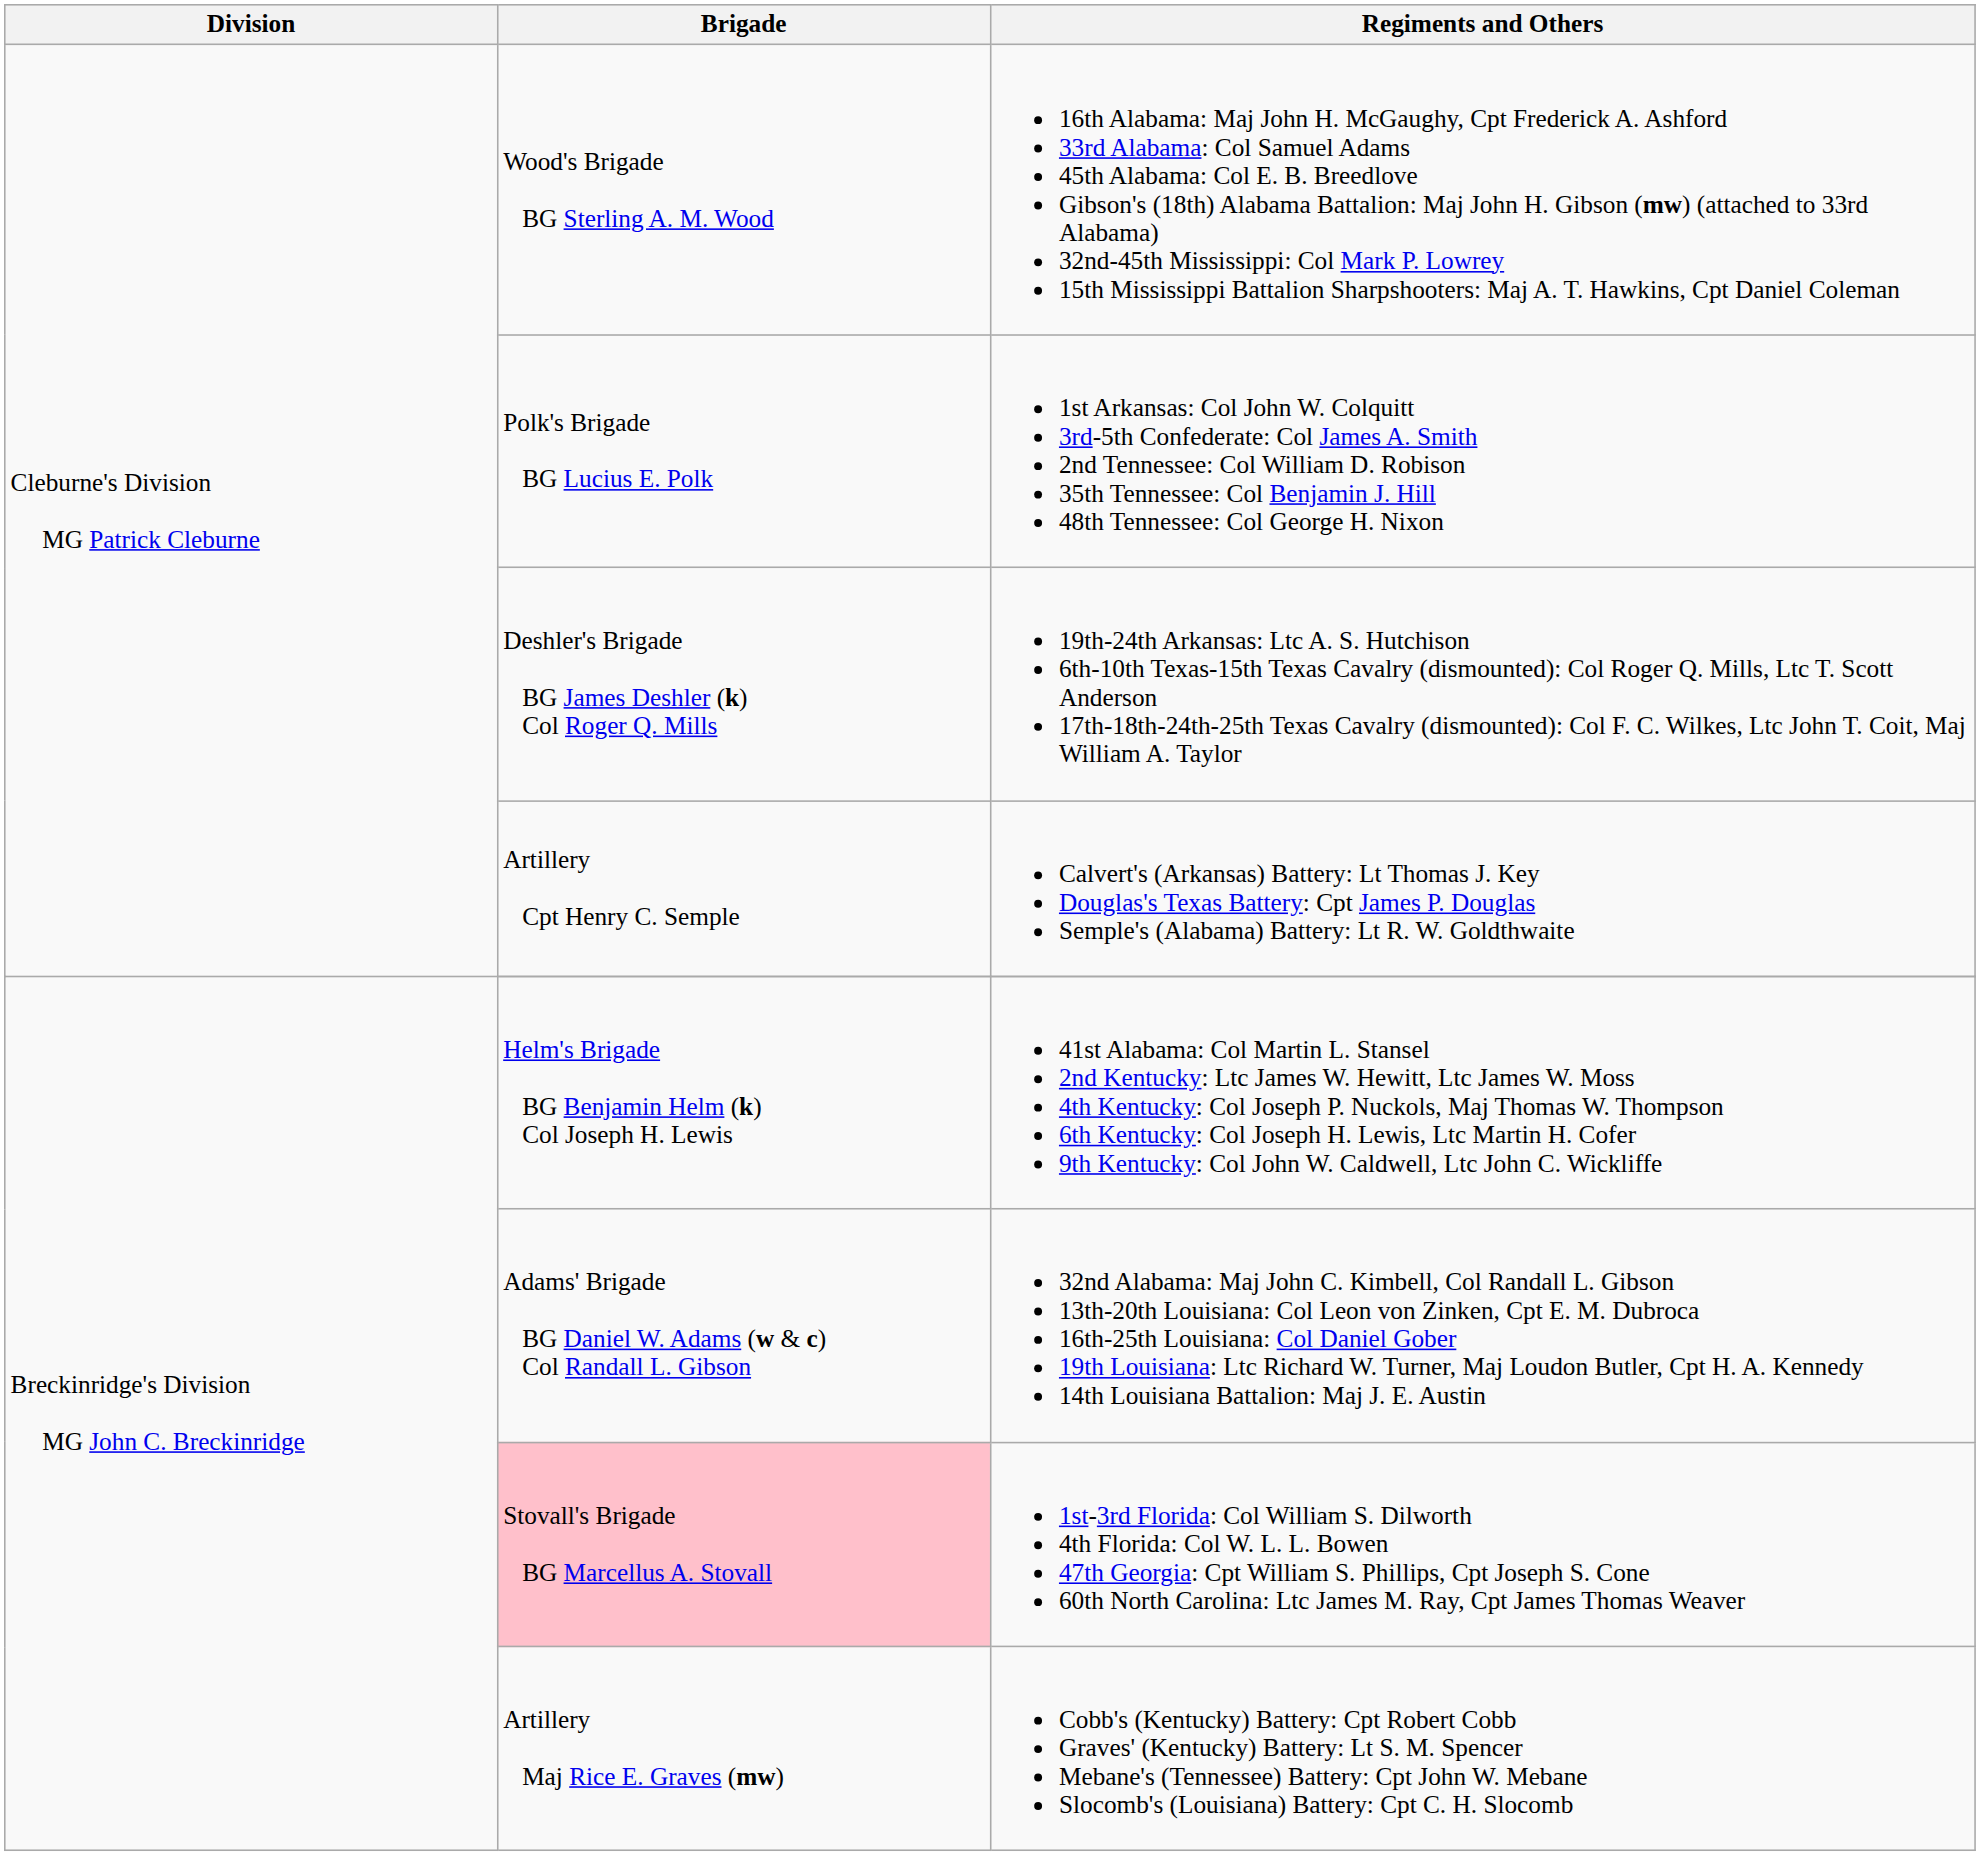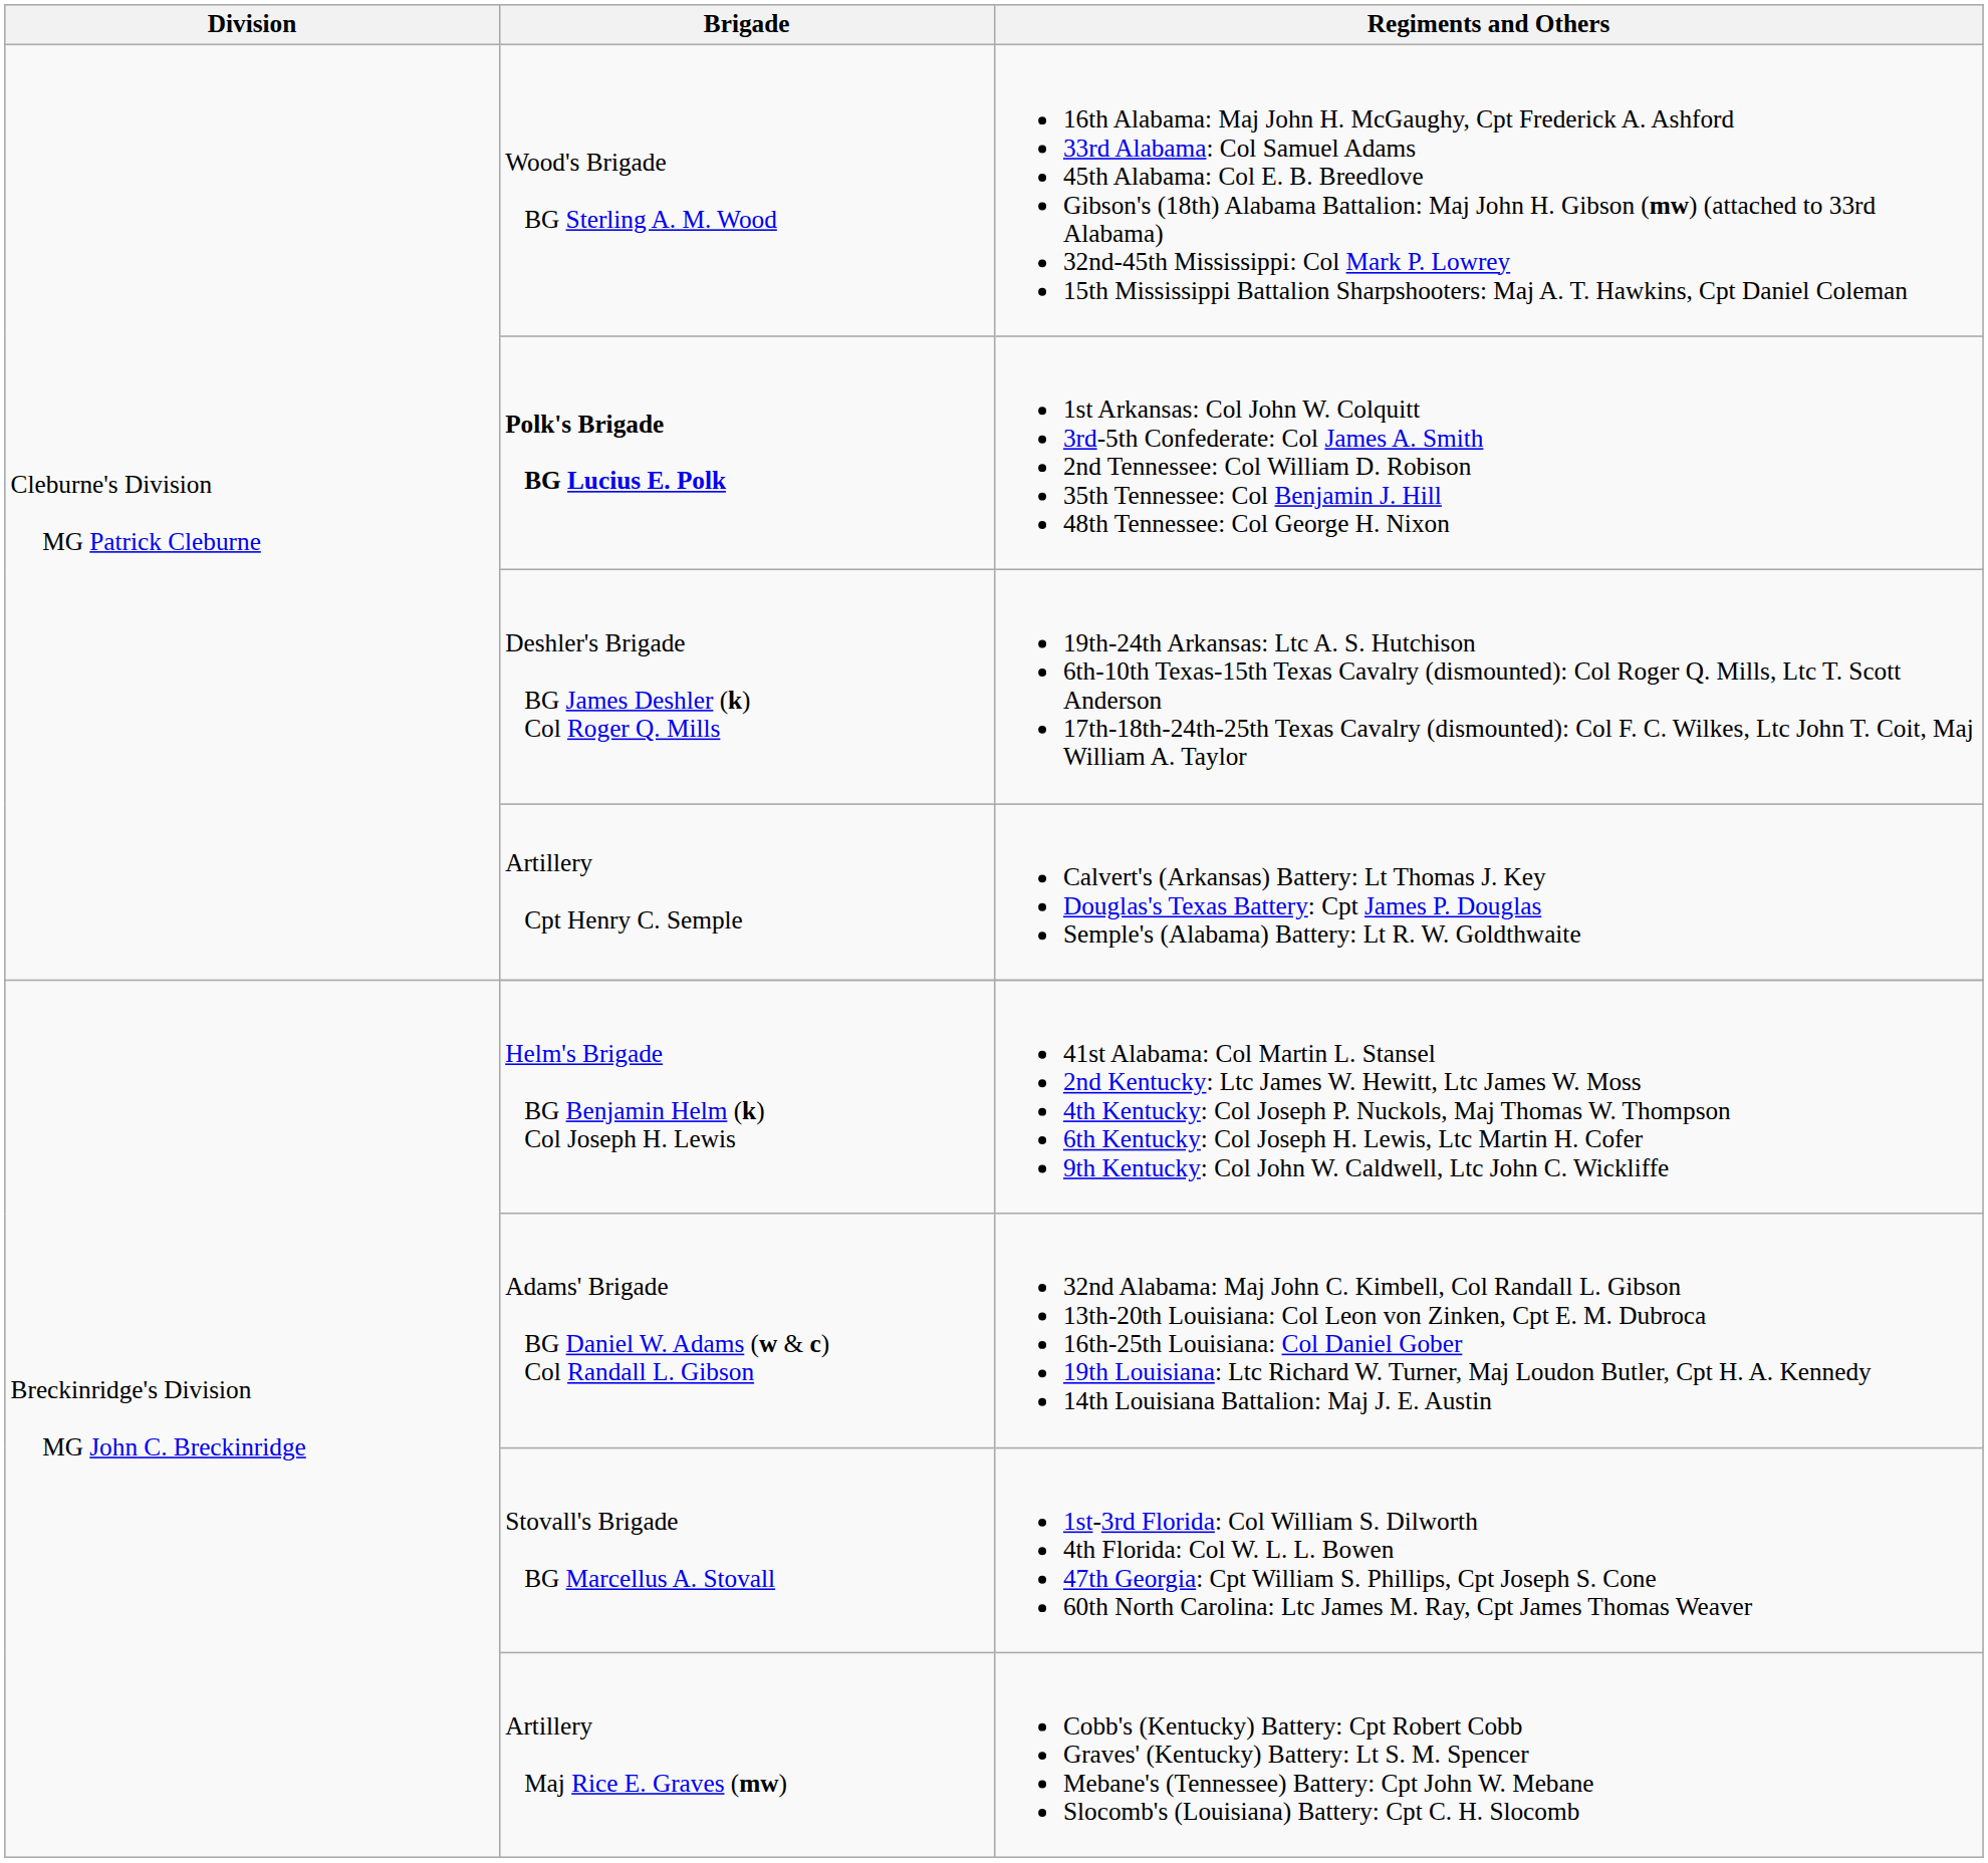 <table class="wikitable">
 <tr>
 <th width=25%>Division</th>
 <th width=25%>Brigade</th>
 <th>Regiments and Others</th>
 </tr>
 <tr>
 <td rowspan=4><br>Cleburne's Division<br><br>     MG <a href='#'>Patrick Cleburne</a> <br>  </td>
 <td>Wood's Brigade<br><br>   BG <a href='#'>Sterling A. M. Wood</a></td>
 <td><br><ul><li>16th Alabama: Maj John H. McGaughy, Cpt Frederick A. Ashford</li><li><a href='#'>33rd Alabama</a>: Col Samuel Adams</li><li>45th Alabama: Col E. B. Breedlove</li><li>Gibson's (18th) Alabama Battalion: Maj John H. Gibson (<strong>mw</strong>) (attached to 33rd Alabama)</li><li>32nd-45th Mississippi: Col <a href='#'>Mark P. Lowrey</a></li><li>15th Mississippi Battalion Sharpshooters: Maj A. T. Hawkins, Cpt Daniel Coleman</li></ul></td>
 </tr>
 <tr>
-<td>Polk's Brigade<br><br>   BG <a href='#'>Lucius E. Polk</a></td>
+<td><strong>Polk's Brigade<br><br>   BG <a href='#'>Lucius E. Polk</a></strong></td>
 <td><br><ul><li>1st Arkansas: Col John W. Colquitt</li><li><a href='#'>3rd</a>-5th Confederate: Col <a href='#'>James A. Smith</a></li><li>2nd Tennessee: Col William D. Robison</li><li>35th Tennessee: Col <a href='#'>Benjamin J. Hill</a></li><li>48th Tennessee: Col George H. Nixon</li></ul></td>
 </tr>
 <tr>
 <td>Deshler's Brigade<br><br>   BG <a href='#'>James Deshler</a> (<strong>k</strong>) <br>   Col <a href='#'>Roger Q. Mills</a></td>
 <td><br><ul><li>19th-24th Arkansas: Ltc A. S. Hutchison</li><li>6th-10th Texas-15th Texas Cavalry (dismounted): Col Roger Q. Mills, Ltc T. Scott Anderson</li><li>17th-18th-24th-25th Texas Cavalry (dismounted): Col F. C. Wilkes, Ltc John T. Coit, Maj William A. Taylor</li></ul></td>
 </tr>
 <tr>
 <td>Artillery<br><br>   Cpt Henry C. Semple</td>
 <td><br><ul><li>Calvert's (Arkansas) Battery: Lt Thomas J. Key</li><li><a href='#'>Douglas's Texas Battery</a>: Cpt <a href='#'>James P. Douglas</a></li><li>Semple's (Alabama) Battery: Lt R. W. Goldthwaite</li></ul></td>
 </tr>
 <tr>
 <td rowspan=5><br>Breckinridge's Division<br><br>     MG <a href='#'>John C. Breckinridge</a> <br>  </td>
 </tr>
 <tr>
 <td><a href='#'>Helm's Brigade</a><br><br>   BG <a href='#'>Benjamin Helm</a> (<strong>k</strong>) <br>   Col Joseph H. Lewis</td>
 <td><br><ul><li>41st Alabama: Col Martin L. Stansel</li><li><a href='#'>2nd Kentucky</a>: Ltc James W. Hewitt, Ltc James W. Moss</li><li><a href='#'>4th Kentucky</a>: Col Joseph P. Nuckols, Maj Thomas W. Thompson</li><li><a href='#'>6th Kentucky</a>: Col Joseph H. Lewis, Ltc Martin H. Cofer</li><li><a href='#'>9th Kentucky</a>: Col John W. Caldwell, Ltc John C. Wickliffe</li></ul></td>
 </tr>
 <tr>
 <td>Adams' Brigade<br><br>   BG <a href='#'>Daniel W. Adams</a> (<strong>w</strong> & <strong>c</strong>) <br>   Col <a href='#'>Randall L. Gibson</a></td>
 <td><br><ul><li>32nd Alabama: Maj John C. Kimbell, Col Randall L. Gibson</li><li>13th-20th Louisiana: Col Leon von Zinken, Cpt E. M. Dubroca</li><li>16th-25th Louisiana: <a href='#'>Col Daniel Gober</a></li><li><a href='#'>19th Louisiana</a>: Ltc Richard W. Turner, Maj Loudon Butler, Cpt H. A. Kennedy</li><li>14th Louisiana Battalion: Maj J. E. Austin</li></ul></td>
 </tr>
 <tr>
-<td style="background: pink;">Stovall's Brigade<br><br>   BG <a href='#'>Marcellus A. Stovall</a></td>
+<td>Stovall's Brigade<br><br>   BG <a href='#'>Marcellus A. Stovall</a></td>
 <td><br><ul><li><a href='#'>1st</a>-<a href='#'>3rd Florida</a>: Col William S. Dilworth</li><li>4th Florida: Col W. L. L. Bowen</li><li><a href='#'>47th Georgia</a>: Cpt William S. Phillips, Cpt Joseph S. Cone</li><li>60th North Carolina: Ltc James M. Ray, Cpt James Thomas Weaver</li></ul></td>
 </tr>
 <tr>
 <td>Artillery<br><br>   Maj <a href='#'>Rice E. Graves</a> (<strong>mw</strong>)</td>
 <td><br><ul><li>Cobb's (Kentucky) Battery: Cpt Robert Cobb</li><li>Graves' (Kentucky) Battery: Lt S. M. Spencer</li><li>Mebane's (Tennessee) Battery: Cpt John W. Mebane</li><li>Slocomb's (Louisiana) Battery: Cpt C. H. Slocomb</li></ul></td>
 </tr>
 </table>
